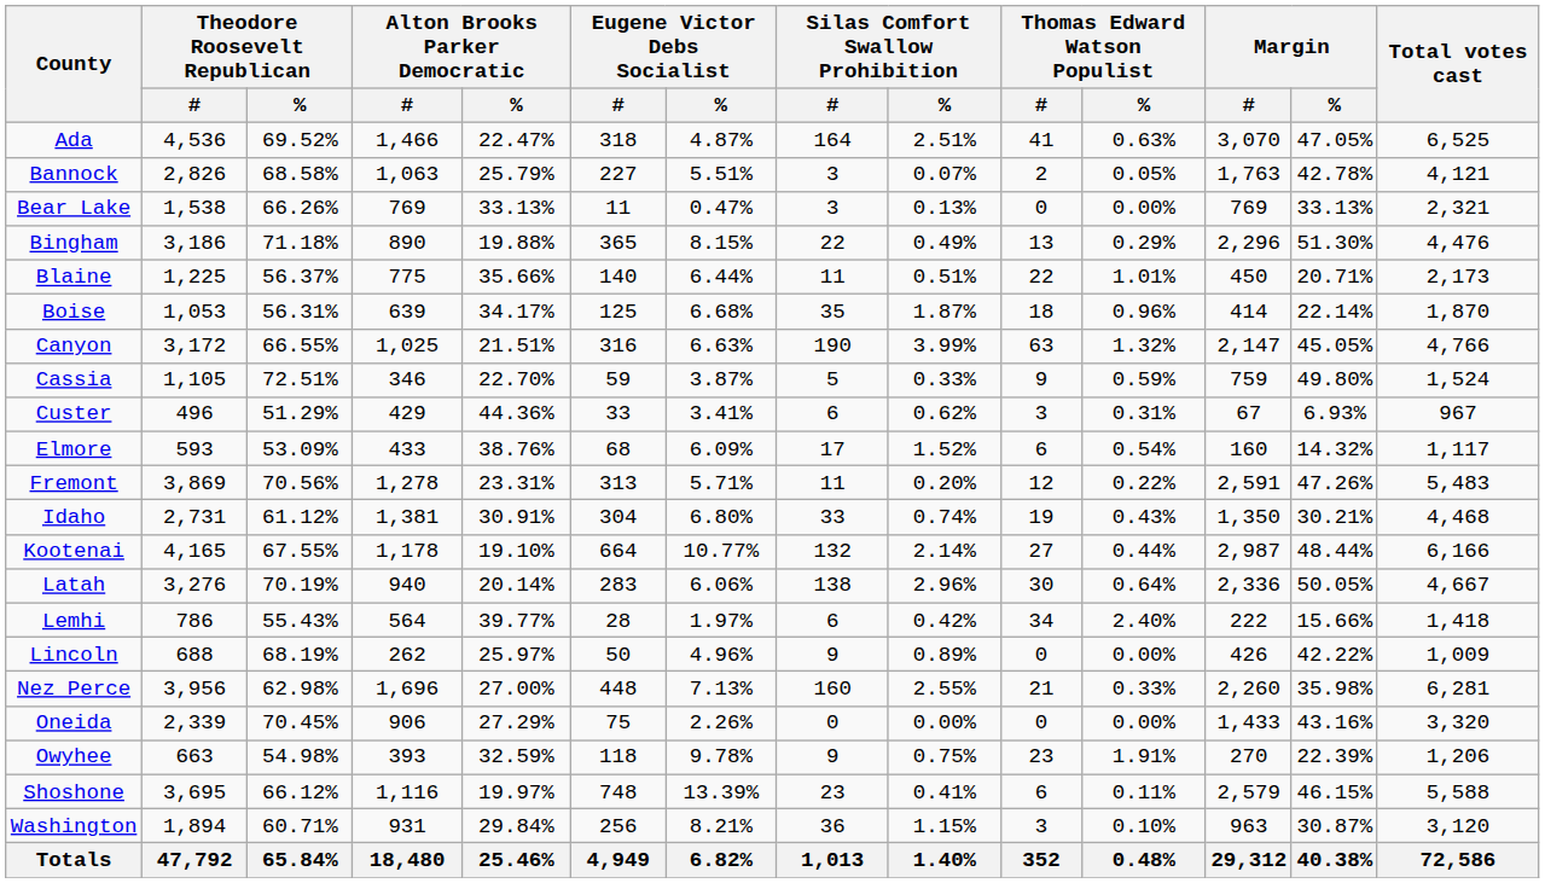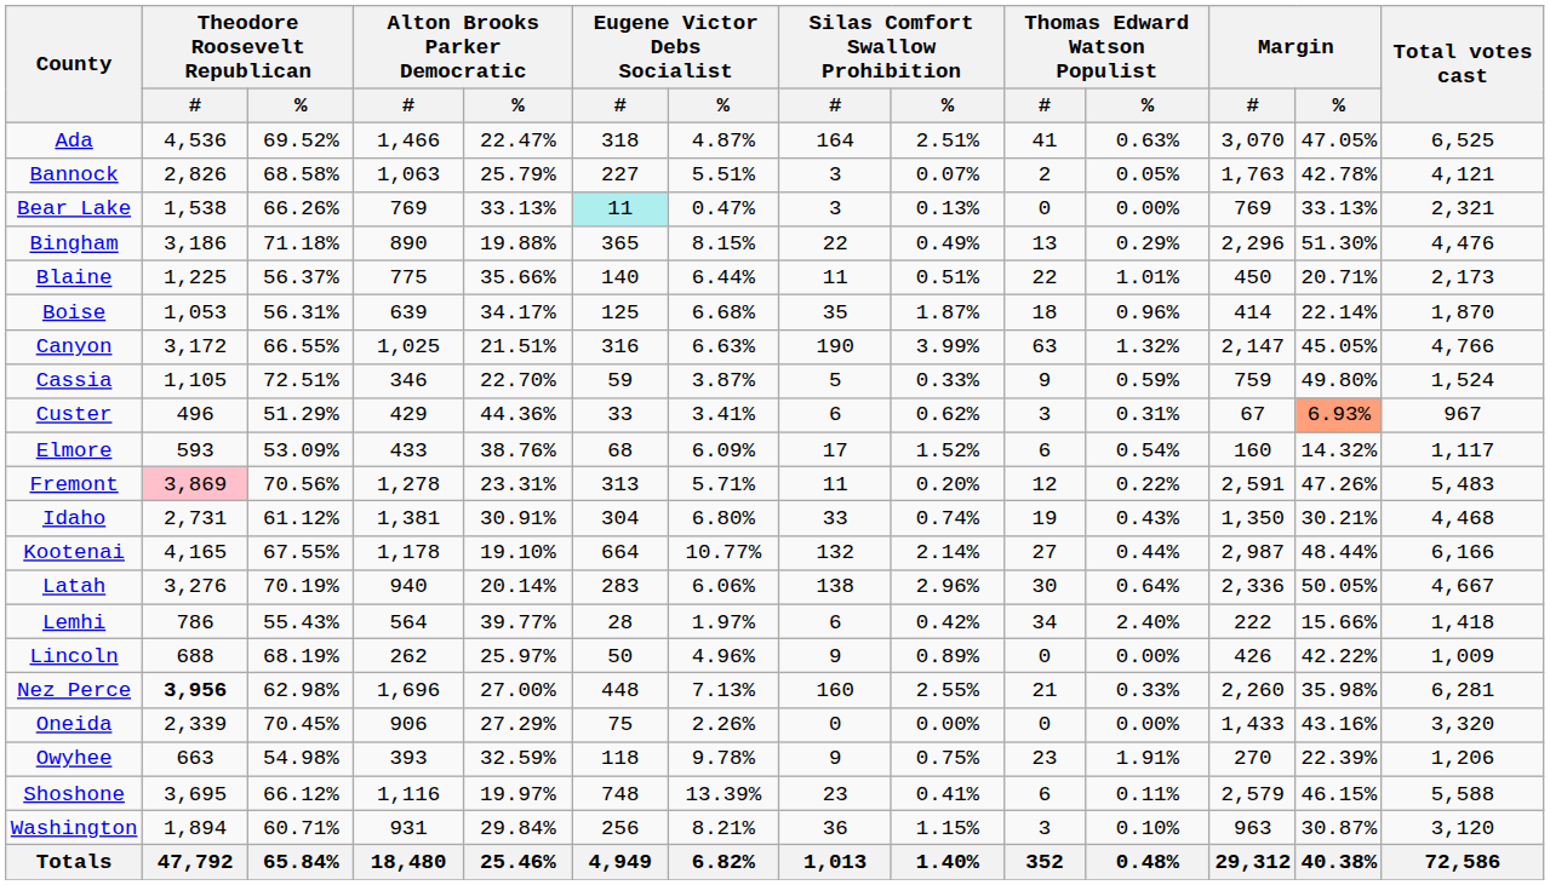 <table width="75%"  class="wikitable sortable" style="text-align:center">
 <tr>
 <th style="text-align:center;" rowspan="2">County</th>
 <th style="text-align:center;" colspan="2">Theodore Roosevelt<br>Republican</th>
 <th style="text-align:center;" colspan="2">Alton Brooks Parker<br> Democratic</th>
 <th style="text-align:center;" colspan="2">Eugene Victor Debs<br>Socialist</th>
 <th style="text-align:center;" colspan="2">Silas Comfort Swallow<br>Prohibition</th>
 <th style="text-align:center;" colspan="2">Thomas Edward Watson<br>Populist</th>
 <th style="text-align:center;" colspan="2">Margin</th>
 <th style="text-align:center;" rowspan="2">Total votes cast</th>
 </tr>
 <tr>
 <th style="text-align:center;" data-sort-type="number">#</th>
 <th style="text-align:center;" data-sort-type="number">%</th>
 <th style="text-align:center;" data-sort-type="number">#</th>
 <th style="text-align:center;" data-sort-type="number">%</th>
 <th style="text-align:center;" data-sort-type="number">#</th>
 <th style="text-align:center;" data-sort-type="number">%</th>
 <th style="text-align:center;" data-sort-type="number">#</th>
 <th style="text-align:center;" data-sort-type="number">%</th>
 <th style="text-align:center;" data-sort-type="number">#</th>
 <th style="text-align:center;" data-sort-type="number">%</th>
 <th style="text-align:center;" data-sort-type="number">#</th>
 <th style="text-align:center;" data-sort-type="number">%</th>
 </tr>
 <tr style="text-align:center;">
 <td><a href='#'>Ada</a></td>
 <td>4,536</td>
 <td>69.52%</td>
 <td>1,466</td>
 <td>22.47%</td>
 <td>318</td>
 <td>4.87%</td>
 <td>164</td>
 <td>2.51%</td>
 <td>41</td>
 <td>0.63%</td>
 <td>3,070</td>
 <td>47.05%</td>
 <td>6,525</td>
 </tr>
 <tr style="text-align:center;">
 <td><a href='#'>Bannock</a></td>
 <td>2,826</td>
 <td>68.58%</td>
 <td>1,063</td>
 <td>25.79%</td>
 <td>227</td>
 <td>5.51%</td>
 <td>3</td>
 <td>0.07%</td>
 <td>2</td>
 <td>0.05%</td>
 <td>1,763</td>
 <td>42.78%</td>
 <td>4,121</td>
 </tr>
 <tr style="text-align:center;">
 <td><a href='#'>Bear Lake</a></td>
 <td>1,538</td>
 <td>66.26%</td>
 <td>769</td>
 <td>33.13%</td>
-<td>11</td>
+<td style="background: paleturquoise;">11</td>
 <td>0.47%</td>
 <td>3</td>
 <td>0.13%</td>
 <td>0</td>
 <td>0.00%</td>
 <td>769</td>
 <td>33.13%</td>
 <td>2,321</td>
 </tr>
 <tr style="text-align:center;">
 <td><a href='#'>Bingham</a></td>
 <td>3,186</td>
 <td>71.18%</td>
 <td>890</td>
 <td>19.88%</td>
 <td>365</td>
 <td>8.15%</td>
 <td>22</td>
 <td>0.49%</td>
 <td>13</td>
 <td>0.29%</td>
 <td>2,296</td>
 <td>51.30%</td>
 <td>4,476</td>
 </tr>
 <tr style="text-align:center;">
 <td><a href='#'>Blaine</a></td>
 <td>1,225</td>
 <td>56.37%</td>
 <td>775</td>
 <td>35.66%</td>
 <td>140</td>
 <td>6.44%</td>
 <td>11</td>
 <td>0.51%</td>
 <td>22</td>
 <td>1.01%</td>
 <td>450</td>
 <td>20.71%</td>
 <td>2,173</td>
 </tr>
 <tr style="text-align:center;">
 <td><a href='#'>Boise</a></td>
 <td>1,053</td>
 <td>56.31%</td>
 <td>639</td>
 <td>34.17%</td>
 <td>125</td>
 <td>6.68%</td>
 <td>35</td>
 <td>1.87%</td>
 <td>18</td>
 <td>0.96%</td>
 <td>414</td>
 <td>22.14%</td>
 <td>1,870</td>
 </tr>
 <tr style="text-align:center;">
 <td><a href='#'>Canyon</a></td>
 <td>3,172</td>
 <td>66.55%</td>
 <td>1,025</td>
 <td>21.51%</td>
 <td>316</td>
 <td>6.63%</td>
 <td>190</td>
 <td>3.99%</td>
 <td>63</td>
 <td>1.32%</td>
 <td>2,147</td>
 <td>45.05%</td>
 <td>4,766</td>
 </tr>
 <tr style="text-align:center;">
 <td><a href='#'>Cassia</a></td>
 <td>1,105</td>
 <td>72.51%</td>
 <td>346</td>
 <td>22.70%</td>
 <td>59</td>
 <td>3.87%</td>
 <td>5</td>
 <td>0.33%</td>
 <td>9</td>
 <td>0.59%</td>
 <td>759</td>
 <td>49.80%</td>
 <td>1,524</td>
 </tr>
 <tr style="text-align:center;">
 <td><a href='#'>Custer</a></td>
 <td>496</td>
 <td>51.29%</td>
 <td>429</td>
 <td>44.36%</td>
 <td>33</td>
 <td>3.41%</td>
 <td>6</td>
 <td>0.62%</td>
 <td>3</td>
 <td>0.31%</td>
 <td>67</td>
-<td>6.93%</td>
+<td style="background: lightsalmon;">6.93%</td>
 <td>967</td>
 </tr>
 <tr style="text-align:center;">
 <td><a href='#'>Elmore</a></td>
 <td>593</td>
 <td>53.09%</td>
 <td>433</td>
 <td>38.76%</td>
 <td>68</td>
 <td>6.09%</td>
 <td>17</td>
 <td>1.52%</td>
 <td>6</td>
 <td>0.54%</td>
 <td>160</td>
 <td>14.32%</td>
 <td>1,117</td>
 </tr>
 <tr style="text-align:center;">
 <td><a href='#'>Fremont</a></td>
-<td>3,869</td>
+<td style="background: pink;">3,869</td>
 <td>70.56%</td>
 <td>1,278</td>
 <td>23.31%</td>
 <td>313</td>
 <td>5.71%</td>
 <td>11</td>
 <td>0.20%</td>
 <td>12</td>
 <td>0.22%</td>
 <td>2,591</td>
 <td>47.26%</td>
 <td>5,483</td>
 </tr>
 <tr style="text-align:center;">
 <td><a href='#'>Idaho</a></td>
 <td>2,731</td>
 <td>61.12%</td>
 <td>1,381</td>
 <td>30.91%</td>
 <td>304</td>
 <td>6.80%</td>
 <td>33</td>
 <td>0.74%</td>
 <td>19</td>
 <td>0.43%</td>
 <td>1,350</td>
 <td>30.21%</td>
 <td>4,468</td>
 </tr>
 <tr style="text-align:center;">
 <td><a href='#'>Kootenai</a></td>
 <td>4,165</td>
 <td>67.55%</td>
 <td>1,178</td>
 <td>19.10%</td>
 <td>664</td>
 <td>10.77%</td>
 <td>132</td>
 <td>2.14%</td>
 <td>27</td>
 <td>0.44%</td>
 <td>2,987</td>
 <td>48.44%</td>
 <td>6,166</td>
 </tr>
 <tr style="text-align:center;">
 <td><a href='#'>Latah</a></td>
 <td>3,276</td>
 <td>70.19%</td>
 <td>940</td>
 <td>20.14%</td>
 <td>283</td>
 <td>6.06%</td>
 <td>138</td>
 <td>2.96%</td>
 <td>30</td>
 <td>0.64%</td>
 <td>2,336</td>
 <td>50.05%</td>
 <td>4,667</td>
 </tr>
 <tr style="text-align:center;">
 <td><a href='#'>Lemhi</a></td>
 <td>786</td>
 <td>55.43%</td>
 <td>564</td>
 <td>39.77%</td>
 <td>28</td>
 <td>1.97%</td>
 <td>6</td>
 <td>0.42%</td>
 <td>34</td>
 <td>2.40%</td>
 <td>222</td>
 <td>15.66%</td>
 <td>1,418</td>
 </tr>
 <tr style="text-align:center;">
 <td><a href='#'>Lincoln</a></td>
 <td>688</td>
 <td>68.19%</td>
 <td>262</td>
 <td>25.97%</td>
 <td>50</td>
 <td>4.96%</td>
 <td>9</td>
 <td>0.89%</td>
 <td>0</td>
 <td>0.00%</td>
 <td>426</td>
 <td>42.22%</td>
 <td>1,009</td>
 </tr>
 <tr style="text-align:center;">
 <td><a href='#'>Nez Perce</a></td>
-<td>3,956</td>
+<td><strong>3,956</strong></td>
 <td>62.98%</td>
 <td>1,696</td>
 <td>27.00%</td>
 <td>448</td>
 <td>7.13%</td>
 <td>160</td>
 <td>2.55%</td>
 <td>21</td>
 <td>0.33%</td>
 <td>2,260</td>
 <td>35.98%</td>
 <td>6,281</td>
 </tr>
 <tr style="text-align:center;">
 <td><a href='#'>Oneida</a></td>
 <td>2,339</td>
 <td>70.45%</td>
 <td>906</td>
 <td>27.29%</td>
 <td>75</td>
 <td>2.26%</td>
 <td>0</td>
 <td>0.00%</td>
 <td>0</td>
 <td>0.00%</td>
 <td>1,433</td>
 <td>43.16%</td>
 <td>3,320</td>
 </tr>
 <tr style="text-align:center;">
 <td><a href='#'>Owyhee</a></td>
 <td>663</td>
 <td>54.98%</td>
 <td>393</td>
 <td>32.59%</td>
 <td>118</td>
 <td>9.78%</td>
 <td>9</td>
 <td>0.75%</td>
 <td>23</td>
 <td>1.91%</td>
 <td>270</td>
 <td>22.39%</td>
 <td>1,206</td>
 </tr>
 <tr style="text-align:center;">
 <td><a href='#'>Shoshone</a></td>
 <td>3,695</td>
 <td>66.12%</td>
 <td>1,116</td>
 <td>19.97%</td>
 <td>748</td>
 <td>13.39%</td>
 <td>23</td>
 <td>0.41%</td>
 <td>6</td>
 <td>0.11%</td>
 <td>2,579</td>
 <td>46.15%</td>
 <td>5,588</td>
 </tr>
 <tr style="text-align:center;">
 <td><a href='#'>Washington</a></td>
 <td>1,894</td>
 <td>60.71%</td>
 <td>931</td>
 <td>29.84%</td>
 <td>256</td>
 <td>8.21%</td>
 <td>36</td>
 <td>1.15%</td>
 <td>3</td>
 <td>0.10%</td>
 <td>963</td>
 <td>30.87%</td>
 <td>3,120</td>
 </tr>
 <tr style="text-align:center;">
 <th>Totals</th>
 <th>47,792</th>
 <th>65.84%</th>
 <th>18,480</th>
 <th>25.46%</th>
 <th>4,949</th>
 <th>6.82%</th>
 <th>1,013</th>
 <th>1.40%</th>
 <th>352</th>
 <th>0.48%</th>
 <th>29,312</th>
 <th>40.38%</th>
 <th>72,586</th>
 </tr>
 </table>
